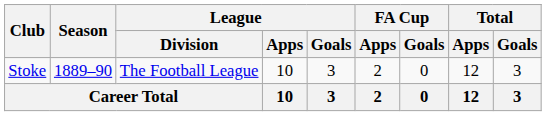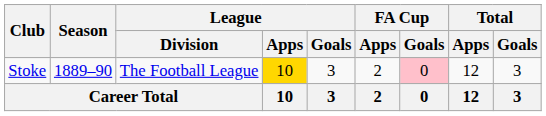 <table class="wikitable" style="text-align: center;">
 <tr>
 <th rowspan="2">Club</th>
 <th rowspan="2">Season</th>
 <th colspan="3">League</th>
 <th colspan="2">FA Cup</th>
 <th colspan="2">Total</th>
 </tr>
 <tr>
 <th>Division</th>
 <th>Apps</th>
 <th>Goals</th>
 <th>Apps</th>
 <th>Goals</th>
 <th>Apps</th>
 <th>Goals</th>
 </tr>
 <tr>
 <td><a href='#'>Stoke</a></td>
 <td><a href='#'>1889–90</a></td>
 <td><a href='#'>The Football League</a></td>
-<td>10</td>
+<td style="background: gold;">10</td>
 <td>3</td>
 <td>2</td>
-<td>0</td>
+<td style="background: pink;">0</td>
 <td>12</td>
 <td>3</td>
 </tr>
 <tr>
 <th colspan="3">Career Total</th>
 <th>10</th>
 <th>3</th>
 <th>2</th>
 <th>0</th>
 <th>12</th>
 <th>3</th>
 </tr>
 </table>
